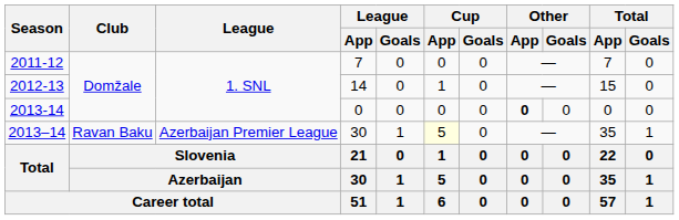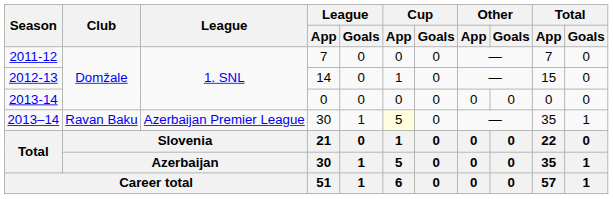 <table class="wikitable">
 <tr>
 <th rowspan=2>Season</th>
 <th ! rowspan=2>Club</th>
 <th ! rowspan=2>League</th>
 <th ! colspan=2>League</th>
 <th ! colspan=2>Cup</th>
 <th ! colspan=2>Other</th>
 <th colspan=3>Total</th>
 </tr>
 <tr>
 <th>App</th>
 <th>Goals</th>
 <th>App</th>
 <th>Goals</th>
 <th>App</th>
 <th>Goals</th>
 <th>App</th>
 <th>Goals</th>
 </tr>
 <tr align=center>
 <td><a href='#'>2011-12</a></td>
 <td rowspan="3"><a href='#'>Domžale</a></td>
 <td rowspan="3"><a href='#'>1. SNL</a></td>
 <td>7</td>
 <td>0</td>
 <td>0</td>
 <td>0</td>
 <td colspan="2">—</td>
 <td>7</td>
 <td>0</td>
 </tr>
 <tr align=center>
 <td><a href='#'>2012-13</a></td>
 <td>14</td>
 <td>0</td>
 <td>1</td>
 <td>0</td>
 <td colspan="2">—</td>
 <td>15</td>
 <td>0</td>
 </tr>
 <tr align=center>
 <td><a href='#'>2013-14</a></td>
 <td>0</td>
 <td>0</td>
 <td>0</td>
 <td>0</td>
-<td><strong>0</strong></td>
+<td>0</td>
 <td>0</td>
 <td>0</td>
 <td>0</td>
 </tr>
 <tr align=center>
 <td><a href='#'>2013–14</a></td>
 <td><a href='#'>Ravan Baku</a></td>
 <td><a href='#'>Azerbaijan Premier League</a></td>
 <td>30</td>
 <td>1</td>
 <td style="background: lightyellow;">5</td>
 <td>0</td>
 <td colspan="2">—</td>
 <td>35</td>
 <td>1</td>
 </tr>
 <tr align=center>
 <th rowspan=2>Total</th>
 <th colspan=2>Slovenia</th>
 <th>21</th>
 <th>0</th>
 <th>1</th>
 <th>0</th>
 <th>0</th>
 <th>0</th>
 <th>22</th>
 <th>0</th>
 </tr>
 <tr>
 <th colspan=2>Azerbaijan</th>
 <th>30</th>
 <th>1</th>
 <th>5</th>
 <th>0</th>
 <th>0</th>
 <th>0</th>
 <th>35</th>
 <th>1</th>
 </tr>
 <tr>
 <th colspan=3>Career total</th>
 <th>51</th>
 <th>1</th>
 <th>6</th>
 <th>0</th>
 <th>0</th>
 <th>0</th>
 <th>57</th>
 <th>1</th>
 </tr>
 </table>
